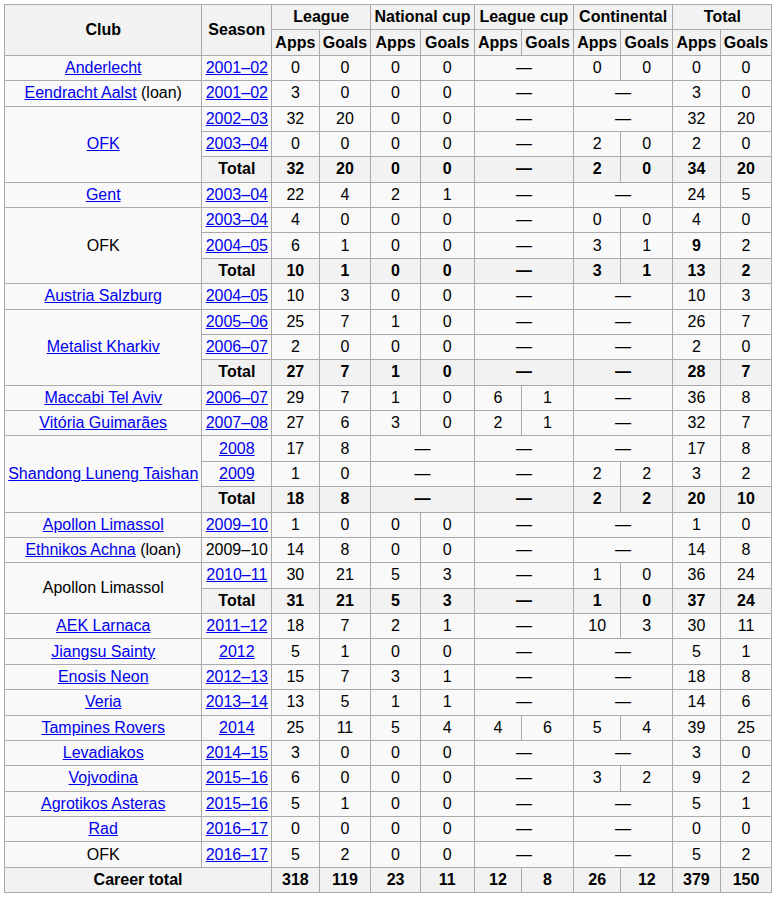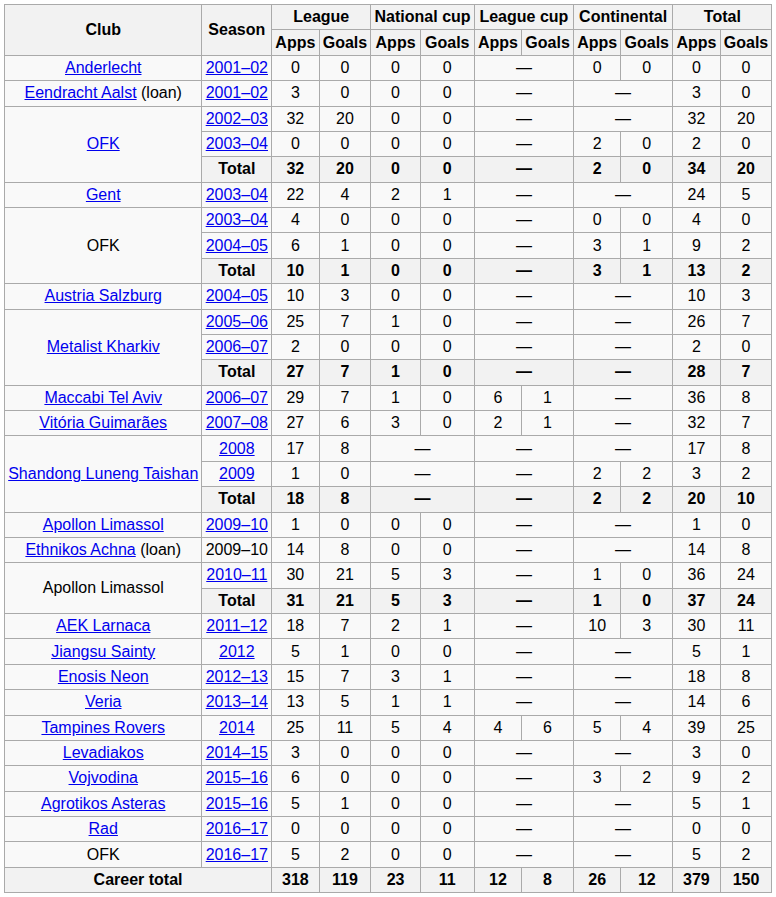 <table class="wikitable" style="text-align:center">
 <tr>
 <th rowspan="2">Club</th>
 <th rowspan="2">Season</th>
 <th colspan="2">League</th>
 <th colspan="2">National cup</th>
 <th colspan="2">League cup</th>
 <th colspan="2">Continental</th>
 <th colspan="2">Total</th>
 </tr>
 <tr>
 <th>Apps</th>
 <th>Goals</th>
 <th>Apps</th>
 <th>Goals</th>
 <th>Apps</th>
 <th>Goals</th>
 <th>Apps</th>
 <th>Goals</th>
 <th>Apps</th>
 <th>Goals</th>
 </tr>
 <tr>
 <td><a href='#'>Anderlecht</a></td>
 <td><a href='#'>2001–02</a></td>
 <td>0</td>
 <td>0</td>
 <td>0</td>
 <td>0</td>
 <td colspan="2">—</td>
 <td>0</td>
 <td>0</td>
 <td>0</td>
 <td>0</td>
 </tr>
 <tr>
 <td><a href='#'>Eendracht Aalst</a> (loan)</td>
 <td><a href='#'>2001–02</a></td>
 <td>3</td>
 <td>0</td>
 <td>0</td>
 <td>0</td>
 <td colspan="2">—</td>
 <td colspan="2">—</td>
 <td>3</td>
 <td>0</td>
 </tr>
 <tr>
 <td rowspan="3"><a href='#'>OFK</a></td>
 <td><a href='#'>2002–03</a></td>
 <td>32</td>
 <td>20</td>
 <td>0</td>
 <td>0</td>
 <td colspan="2">—</td>
 <td colspan="2">—</td>
 <td>32</td>
 <td>20</td>
 </tr>
 <tr>
 <td><a href='#'>2003–04</a></td>
 <td>0</td>
 <td>0</td>
 <td>0</td>
 <td>0</td>
 <td colspan="2">—</td>
 <td>2</td>
 <td>0</td>
 <td>2</td>
 <td>0</td>
 </tr>
 <tr>
 <th>Total</th>
 <th>32</th>
 <th>20</th>
 <th>0</th>
 <th>0</th>
 <th colspan="2">—</th>
 <th>2</th>
 <th>0</th>
 <th>34</th>
 <th>20</th>
 </tr>
 <tr>
 <td><a href='#'>Gent</a></td>
 <td><a href='#'>2003–04</a></td>
 <td>22</td>
 <td>4</td>
 <td>2</td>
 <td>1</td>
 <td colspan="2">—</td>
 <td colspan="2">—</td>
 <td>24</td>
 <td>5</td>
 </tr>
 <tr>
 <td rowspan="3">OFK</td>
 <td><a href='#'>2003–04</a></td>
 <td>4</td>
 <td>0</td>
 <td>0</td>
 <td>0</td>
 <td colspan="2">—</td>
 <td>0</td>
 <td>0</td>
 <td>4</td>
 <td>0</td>
 </tr>
 <tr>
 <td><a href='#'>2004–05</a></td>
 <td>6</td>
 <td>1</td>
 <td>0</td>
 <td>0</td>
 <td colspan="2">—</td>
 <td>3</td>
 <td>1</td>
-<td><strong>9</strong></td>
+<td>9</td>
 <td>2</td>
 </tr>
 <tr>
 <th>Total</th>
 <th>10</th>
 <th>1</th>
 <th>0</th>
 <th>0</th>
 <th colspan="2">—</th>
 <th>3</th>
 <th>1</th>
 <th>13</th>
 <th>2</th>
 </tr>
 <tr>
 <td><a href='#'>Austria Salzburg</a></td>
 <td><a href='#'>2004–05</a></td>
 <td>10</td>
 <td>3</td>
 <td>0</td>
 <td>0</td>
 <td colspan="2">—</td>
 <td colspan="2">—</td>
 <td>10</td>
 <td>3</td>
 </tr>
 <tr>
 <td rowspan="3"><a href='#'>Metalist Kharkiv</a></td>
 <td><a href='#'>2005–06</a></td>
 <td>25</td>
 <td>7</td>
 <td>1</td>
 <td>0</td>
 <td colspan="2">—</td>
 <td colspan="2">—</td>
 <td>26</td>
 <td>7</td>
 </tr>
 <tr>
 <td><a href='#'>2006–07</a></td>
 <td>2</td>
 <td>0</td>
 <td>0</td>
 <td>0</td>
 <td colspan="2">—</td>
 <td colspan="2">—</td>
 <td>2</td>
 <td>0</td>
 </tr>
 <tr>
 <th>Total</th>
 <th>27</th>
 <th>7</th>
 <th>1</th>
 <th>0</th>
 <th colspan="2">—</th>
 <th colspan="2">—</th>
 <th>28</th>
 <th>7</th>
 </tr>
 <tr>
 <td><a href='#'>Maccabi Tel Aviv</a></td>
 <td><a href='#'>2006–07</a></td>
 <td>29</td>
 <td>7</td>
 <td>1</td>
 <td>0</td>
 <td>6</td>
 <td>1</td>
 <td colspan="2">—</td>
 <td>36</td>
 <td>8</td>
 </tr>
 <tr>
 <td><a href='#'>Vitória Guimarães</a></td>
 <td><a href='#'>2007–08</a></td>
 <td>27</td>
 <td>6</td>
 <td>3</td>
 <td>0</td>
 <td>2</td>
 <td>1</td>
 <td colspan="2">—</td>
 <td>32</td>
 <td>7</td>
 </tr>
 <tr>
 <td rowspan="3"><a href='#'>Shandong Luneng Taishan</a></td>
 <td><a href='#'>2008</a></td>
 <td>17</td>
 <td>8</td>
 <td colspan="2">—</td>
 <td colspan="2">—</td>
 <td colspan="2">—</td>
 <td>17</td>
 <td>8</td>
 </tr>
 <tr>
 <td><a href='#'>2009</a></td>
 <td>1</td>
 <td>0</td>
 <td colspan="2">—</td>
 <td colspan="2">—</td>
 <td>2</td>
 <td>2</td>
 <td>3</td>
 <td>2</td>
 </tr>
 <tr>
 <th>Total</th>
 <th>18</th>
 <th>8</th>
 <th colspan="2">—</th>
 <th colspan="2">—</th>
 <th>2</th>
 <th>2</th>
 <th>20</th>
 <th>10</th>
 </tr>
 <tr>
 <td><a href='#'>Apollon Limassol</a></td>
 <td><a href='#'>2009–10</a></td>
 <td>1</td>
 <td>0</td>
 <td>0</td>
 <td>0</td>
 <td colspan="2">—</td>
 <td colspan="2">—</td>
 <td>1</td>
 <td>0</td>
 </tr>
 <tr>
 <td><a href='#'>Ethnikos Achna</a> (loan)</td>
 <td>2009–10</td>
 <td>14</td>
 <td>8</td>
 <td>0</td>
 <td>0</td>
 <td colspan="2">—</td>
 <td colspan="2">—</td>
 <td>14</td>
 <td>8</td>
 </tr>
 <tr>
 <td rowspan="2">Apollon Limassol</td>
 <td><a href='#'>2010–11</a></td>
 <td>30</td>
 <td>21</td>
 <td>5</td>
 <td>3</td>
 <td colspan="2">—</td>
 <td>1</td>
 <td>0</td>
 <td>36</td>
 <td>24</td>
 </tr>
 <tr>
 <th>Total</th>
 <th>31</th>
 <th>21</th>
 <th>5</th>
 <th>3</th>
 <th colspan="2">—</th>
 <th>1</th>
 <th>0</th>
 <th>37</th>
 <th>24</th>
 </tr>
 <tr>
 <td><a href='#'>AEK Larnaca</a></td>
 <td><a href='#'>2011–12</a></td>
 <td>18</td>
 <td>7</td>
 <td>2</td>
 <td>1</td>
 <td colspan="2">—</td>
 <td>10</td>
 <td>3</td>
 <td>30</td>
 <td>11</td>
 </tr>
 <tr>
 <td><a href='#'>Jiangsu Sainty</a></td>
 <td><a href='#'>2012</a></td>
 <td>5</td>
 <td>1</td>
 <td>0</td>
 <td>0</td>
 <td colspan="2">—</td>
 <td colspan="2">—</td>
 <td>5</td>
 <td>1</td>
 </tr>
 <tr>
 <td><a href='#'>Enosis Neon</a></td>
 <td><a href='#'>2012–13</a></td>
 <td>15</td>
 <td>7</td>
 <td>3</td>
 <td>1</td>
 <td colspan="2">—</td>
 <td colspan="2">—</td>
 <td>18</td>
 <td>8</td>
 </tr>
 <tr>
 <td><a href='#'>Veria</a></td>
 <td><a href='#'>2013–14</a></td>
 <td>13</td>
 <td>5</td>
 <td>1</td>
 <td>1</td>
 <td colspan="2">—</td>
 <td colspan="2">—</td>
 <td>14</td>
 <td>6</td>
 </tr>
 <tr>
 <td><a href='#'>Tampines Rovers</a></td>
 <td><a href='#'>2014</a></td>
 <td>25</td>
 <td>11</td>
 <td>5</td>
 <td>4</td>
 <td>4</td>
 <td>6</td>
 <td>5</td>
 <td>4</td>
 <td>39</td>
 <td>25</td>
 </tr>
 <tr>
 <td><a href='#'>Levadiakos</a></td>
 <td><a href='#'>2014–15</a></td>
 <td>3</td>
 <td>0</td>
 <td>0</td>
 <td>0</td>
 <td colspan="2">—</td>
 <td colspan="2">—</td>
 <td>3</td>
 <td>0</td>
 </tr>
 <tr>
 <td><a href='#'>Vojvodina</a></td>
 <td><a href='#'>2015–16</a></td>
 <td>6</td>
 <td>0</td>
 <td>0</td>
 <td>0</td>
 <td colspan="2">—</td>
 <td>3</td>
 <td>2</td>
 <td>9</td>
 <td>2</td>
 </tr>
 <tr>
 <td><a href='#'>Agrotikos Asteras</a></td>
 <td><a href='#'>2015–16</a></td>
 <td>5</td>
 <td>1</td>
 <td>0</td>
 <td>0</td>
 <td colspan="2">—</td>
 <td colspan="2">—</td>
 <td>5</td>
 <td>1</td>
 </tr>
 <tr>
 <td><a href='#'>Rad</a></td>
 <td><a href='#'>2016–17</a></td>
 <td>0</td>
 <td>0</td>
 <td>0</td>
 <td>0</td>
 <td colspan="2">—</td>
 <td colspan="2">—</td>
 <td>0</td>
 <td>0</td>
 </tr>
 <tr>
 <td>OFK</td>
 <td><a href='#'>2016–17</a></td>
 <td>5</td>
 <td>2</td>
 <td>0</td>
 <td>0</td>
 <td colspan="2">—</td>
 <td colspan="2">—</td>
 <td>5</td>
 <td>2</td>
 </tr>
 <tr>
 <th colspan="2">Career total</th>
 <th>318</th>
 <th>119</th>
 <th>23</th>
 <th>11</th>
 <th>12</th>
 <th>8</th>
 <th>26</th>
 <th>12</th>
 <th>379</th>
 <th>150</th>
 </tr>
 </table>
